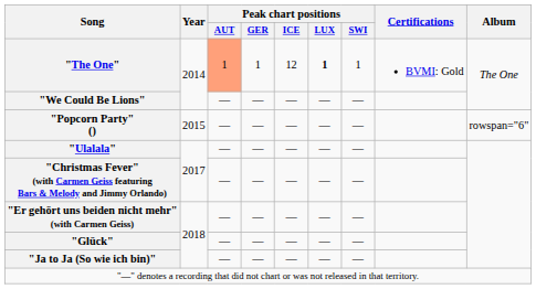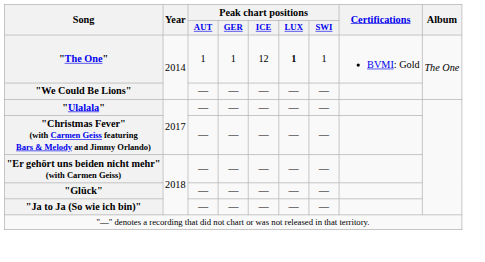 <table class="wikitable plainrowheaders" style="text-align:center;" border="1">
 <tr>
 <th scope="col" rowspan="2">Song</th>
 <th scope="col" rowspan="2">Year</th>
 <th colspan="5" scope="col">Peak chart positions</th>
 <th scope="col" rowspan="2"><a href='#'>Certifications</a></th>
 <th scope="col" rowspan="2">Album</th>
 </tr>
 <tr>
 <th style="width:3em;font-size:85%"><a href='#'>AUT</a> <br></th>
 <th scope="col" style="width:3em;font-size:85%;"><a href='#'>GER</a> <br></th>
 <th style="width:3em;font-size:85%"><a href='#'>ICE</a> <br></th>
 <th scope="col" style="width:3em;font-size:85%;"><a href='#'>LUX</a><br></th>
 <th scope="col" style="width:3em;font-size:85%;"><a href='#'>SWI</a><br></th>
 </tr>
 <tr>
 <th scope="row">"<a href='#'>The One</a>"</th>
 <td rowspan="2">2014</td>
-<td style="background: lightsalmon;">1</td>
+<td>1</td>
 <td>1</td>
 <td>12</td>
 <td><strong>1</strong></td>
 <td>1</td>
 <td><br><ul><li><a href='#'>BVMI</a>: Gold</li></ul></td>
 <td rowspan="2"><em>The One</em></td>
 </tr>
 <tr>
 <th scope="row">"We Could Be Lions"</th>
 <td>—</td>
 <td>—</td>
 <td>—</td>
 <td>—</td>
 <td>—</td>
 <td></td>
-</tr>
-<tr>
-<th scope="row">"Popcorn Party"<br>()</th>
-<td>2015</td>
-<td>—</td>
-<td>—</td>
-<td>—</td>
-<td>—</td>
-<td>—</td>
-<td></td>
-<td>rowspan="6" </td>
 </tr>
 <tr>
 <th scope="row">"<a href='#'>Ulalala</a>"</th>
 <td rowspan="2">2017</td>
 <td>—</td>
 <td>—</td>
 <td>—</td>
 <td>—</td>
 <td>—</td>
 <td></td>
 </tr>
 <tr>
 <th scope="row">"Christmas Fever"<br><small>(with <a href='#'>Carmen Geiss</a> featuring<br> <a href='#'>Bars & Melody</a> and Jimmy Orlando)</small></th>
 <td>—</td>
 <td>—</td>
 <td>—</td>
 <td>—</td>
 <td>—</td>
 <td></td>
 </tr>
 <tr>
 <th scope="row">"Er gehört uns beiden nicht mehr"<br><small>(with Carmen Geiss)</small></th>
 <td rowspan="3">2018</td>
 <td>—</td>
 <td>—</td>
 <td>—</td>
 <td>—</td>
 <td>—</td>
 <td></td>
 </tr>
 <tr>
 <th scope="row">"Glück"</th>
 <td>—</td>
 <td>—</td>
 <td>—</td>
 <td>—</td>
 <td>—</td>
 <td></td>
 </tr>
 <tr>
 <th scope="row">"Ja to Ja (So wie ich bin)"</th>
 <td>—</td>
 <td>—</td>
 <td>—</td>
 <td>—</td>
 <td>—</td>
 <td></td>
 </tr>
 <tr>
 <td colspan="9" style="font-size:85%">"—" denotes a recording that did not chart or was not released in that territory.</td>
 </tr>
 </table>
